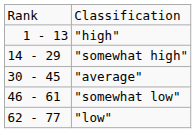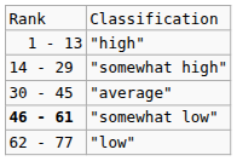 <table class="wikitable"" ---valign=top>
 <tr>
 <td>Rank</td>
 <td>Classification</td>
 </tr>
 <tr>
 <td>  1 - 13</td>
 <td>"high"</td>
 </tr>
 <tr>
 <td>14 - 29</td>
 <td>"somewhat high"</td>
 </tr>
 <tr>
 <td>30 - 45</td>
 <td>"average"</td>
 </tr>
 <tr>
-<td>46 - 61</td>
+<td><strong>46 - 61</strong></td>
 <td>"somewhat low"</td>
 </tr>
 <tr>
 <td>62 - 77</td>
 <td>"low"</td>
 </tr>
 </table>
